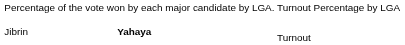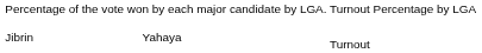 <table align=center>
 <tr>
 <td colspan=2>Percentage of the vote won by each major candidate by LGA.</td>
 <td width=220px>Turnout Percentage by LGA</td>
 </tr>
 <tr>
 <td><br>Jibrin<br> <br> </td>
-<td><strong><br>Yahaya<br> <br> </strong></td>
+<td><br>Yahaya<br> <br> </td>
 <td><br>Turnout<br> </td>
 </tr>
 </table>
